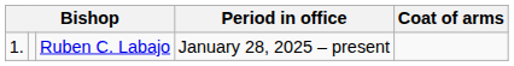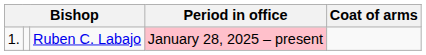 <table class="wikitable">
 <tr>
 <th colspan=3>Bishop</th>
 <th>Period in office</th>
 <th>Coat of arms</th>
 </tr>
 <tr>
 <td>1.</td>
 <td></td>
 <td><a href='#'>Ruben C. Labajo</a></td>
-<td>January 28, 2025 – present <br></td>
+<td style="background: pink;">January 28, 2025 – present <br></td>
 <td></td>
 </tr>
 </table>
